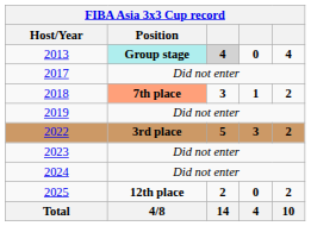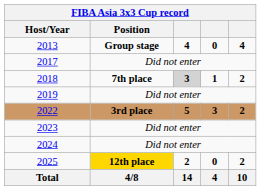 <table class="wikitable" style="text-align: center;">
 <tr>
 <th colspan=9><a href='#'>FIBA Asia 3x3 Cup record</a></th>
 </tr>
 <tr>
 <th width=125>Host/Year</th>
 <th width=120>Position</th>
 <th width=35></th>
 <th width=35></th>
 <th width=35></th>
 </tr>
 <tr>
 <td> <a href='#'>2013</a></td>
-<td style="background: paleturquoise;"><strong>Group stage</strong></td>
-<td style="background: lightgrey;"><strong>4</strong></td>
+<td><strong>Group stage</strong></td>
+<td><strong>4</strong></td>
 <td><strong>0</strong></td>
 <td><strong>4</strong></td>
 </tr>
 <tr>
 <td> <a href='#'>2017</a></td>
 <td colspan=9><em>Did not enter</em></td>
 </tr>
 <tr>
 <td> <a href='#'>2018</a></td>
-<td style="background: lightsalmon;"><strong>7th place</strong></td>
-<td><strong>3</strong></td>
+<td><strong>7th place</strong></td>
+<td style="background: lightgrey;"><strong>3</strong></td>
 <td><strong>1</strong></td>
 <td><strong>2</strong></td>
 </tr>
 <tr>
 <td> <a href='#'>2019</a></td>
 <td colspan=9><em>Did not enter</em></td>
 </tr>
 <tr style="background:#c96;">
 <td> <a href='#'>2022</a></td>
 <td><strong>3rd place</strong></td>
 <td><strong>5</strong></td>
 <td><strong>3</strong></td>
 <td><strong>2</strong></td>
 </tr>
 <tr>
 <td> <a href='#'>2023</a></td>
 <td colspan=9><em>Did not enter</em></td>
 </tr>
 <tr>
 <td> <a href='#'>2024</a></td>
 <td colspan=9><em>Did not enter</em></td>
 </tr>
 <tr>
 <td> <a href='#'>2025</a></td>
-<td><strong>12th place</strong></td>
+<td style="background: gold;"><strong>12th place</strong></td>
 <td><strong>2</strong></td>
 <td><strong>0</strong></td>
 <td><strong>2</strong></td>
 </tr>
 <tr>
 <th>Total</th>
 <th>4/8</th>
 <th>14</th>
 <th>4</th>
 <th>10</th>
 </tr>
 </table>
